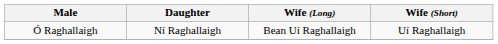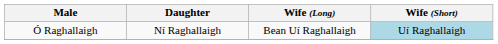 <table class="wikitable" style="text-align:right">
 <tr>
 <th width=20%>Male</th>
 <th width=20%>Daughter</th>
 <th width=20%>Wife <em><small>(Long)</small></em></th>
 <th width=20%>Wife <em><small>(Short)</small></em></th>
 </tr>
 <tr>
 <td align="center">Ó Raghallaigh</td>
 <td align="center">Ní Raghallaigh</td>
 <td align="center">Bean Uí Raghallaigh</td>
-<td align="center">Uí Raghallaigh</td>
+<td align="center" style="background: lightblue;">Uí Raghallaigh</td>
 </tr>
 <tr>
 </tr>
 </table>
